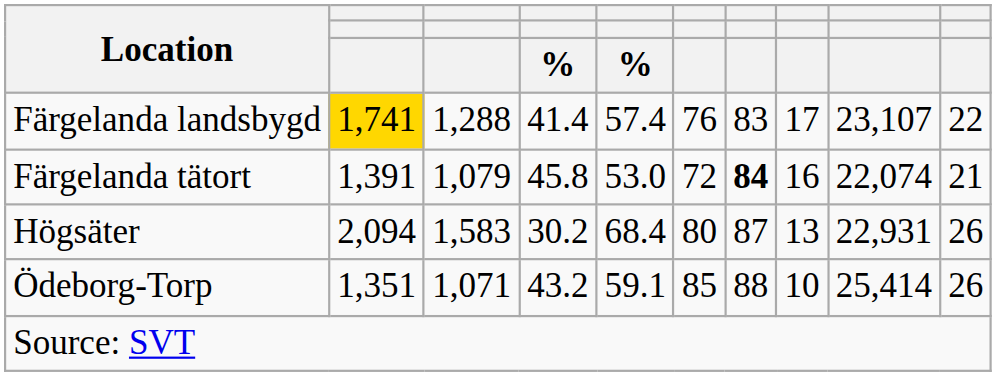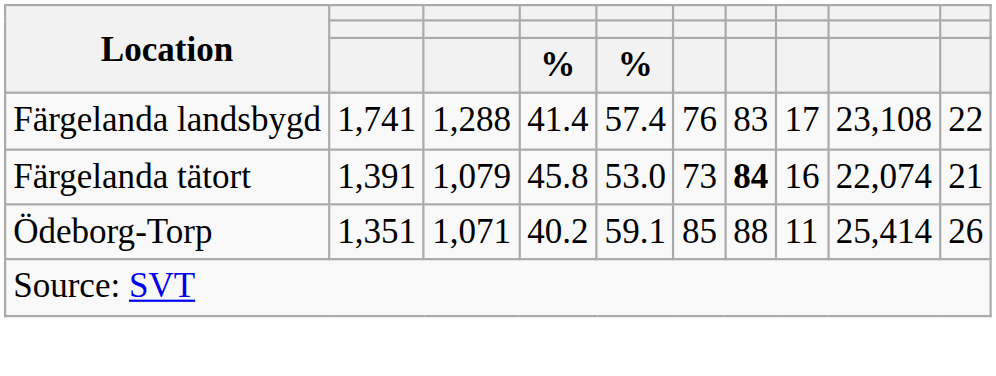 <table role="presentation" class="wikitable sortable mw-collapsible">
 <tr>
 <th rowspan="3">Location</th>
 <th></th>
 <th></th>
 <th></th>
 <th></th>
 <th></th>
 <th></th>
 <th></th>
 <th></th>
 <th></th>
 </tr>
 <tr>
 <th></th>
 <th></th>
 <th style="background:"></th>
 <th style="background:"></th>
 <th></th>
 <th></th>
 <th></th>
 <th></th>
 <th></th>
 </tr>
 <tr>
 <th data-sort-type="number"></th>
 <th data-sort-type="number"></th>
 <th data-sort-type="number">%</th>
 <th data-sort-type="number">%</th>
 <th data-sort-type="number"></th>
 <th data-sort-type="number"></th>
 <th data-sort-type="number"></th>
 <th data-sort-type="number"></th>
 <th data-sort-type="number"></th>
 </tr>
 <tr>
 <td align="left">Färgelanda landsbygd</td>
-<td style="background: gold;">1,741</td>
+<td>1,741</td>
 <td>1,288</td>
 <td>41.4</td>
 <td>57.4</td>
 <td>76</td>
 <td>83</td>
 <td>17</td>
-<td>23,107</td>
+<td>23,108</td>
 <td>22</td>
 </tr>
 <tr>
 <td align="left">Färgelanda tätort</td>
 <td>1,391</td>
 <td>1,079</td>
 <td>45.8</td>
 <td>53.0</td>
-<td>72</td>
+<td>73</td>
 <td><strong>84</strong></td>
 <td>16</td>
 <td>22,074</td>
 <td>21</td>
 </tr>
 <tr>
-<td align="left">Högsäter</td>
-<td>2,094</td>
-<td>1,583</td>
-<td>30.2</td>
-<td>68.4</td>
-<td>80</td>
-<td>87</td>
-<td>13</td>
-<td>22,931</td>
-<td>26</td>
-</tr>
-<tr>
 <td align="left">Ödeborg-Torp</td>
 <td>1,351</td>
 <td>1,071</td>
-<td>43.2</td>
+<td>40.2</td>
 <td>59.1</td>
 <td>85</td>
 <td>88</td>
-<td>10</td>
+<td>11</td>
 <td>25,414</td>
 <td>26</td>
 </tr>
 <tr>
 <td colspan="10" align="left">Source: <a href='#'>SVT</a></td>
 </tr>
 </table>
